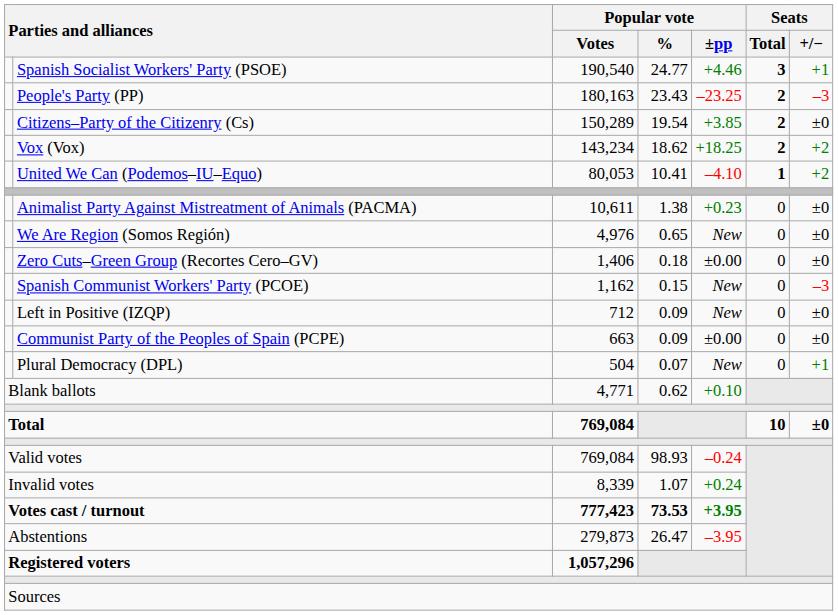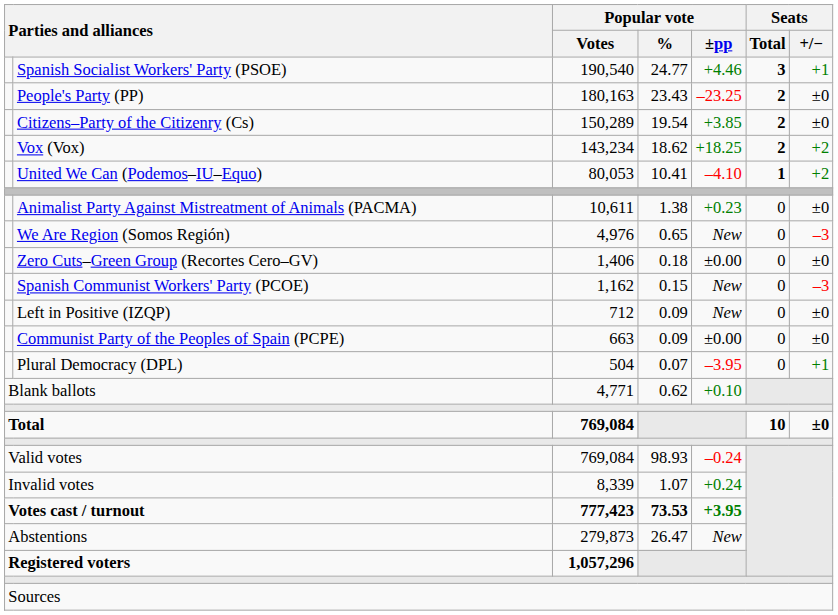 <table class="wikitable" style="text-align:right;">
 <tr>
 <th style="text-align:left;" rowspan="2" colspan="2" width="525">Parties and alliances</th>
 <th colspan="3">Popular vote</th>
 <th colspan="2">Seats</th>
 </tr>
 <tr>
 <th width="75">Votes</th>
 <th width="45">%</th>
 <th width="45">±<a href='#'>pp</a></th>
 <th width="35">Total</th>
 <th width="35">+/−</th>
 </tr>
 <tr>
 <td width="1" style="color:inherit;background:"></td>
 <td align="left"><a href='#'>Spanish Socialist Workers' Party</a> (PSOE)</td>
 <td>190,540</td>
 <td>24.77</td>
 <td style="color:green;">+4.46</td>
 <td><strong>3</strong></td>
 <td style="color:green;">+1</td>
 </tr>
 <tr>
 <td style="color:inherit;background:"></td>
 <td align="left"><a href='#'>People's Party</a> (PP)</td>
 <td>180,163</td>
 <td>23.43</td>
 <td style="color:red;">–23.25</td>
 <td><strong>2</strong></td>
-<td style="color:red;">–3</td>
+<td>±0</td>
 </tr>
 <tr>
 <td style="color:inherit;background:"></td>
 <td align="left"><a href='#'>Citizens–Party of the Citizenry</a> (Cs)</td>
 <td>150,289</td>
 <td>19.54</td>
 <td style="color:green;">+3.85</td>
 <td><strong>2</strong></td>
 <td>±0</td>
 </tr>
 <tr>
 <td style="color:inherit;background:"></td>
 <td align="left"><a href='#'>Vox</a> (Vox)</td>
 <td>143,234</td>
 <td>18.62</td>
 <td style="color:green;">+18.25</td>
 <td><strong>2</strong></td>
 <td style="color:green;">+2</td>
 </tr>
 <tr>
 <td style="color:inherit;background:"></td>
 <td align="left"><a href='#'>United We Can</a> (<a href='#'>Podemos</a>–<a href='#'>IU</a>–<a href='#'>Equo</a>)</td>
 <td>80,053</td>
 <td>10.41</td>
 <td style="color:red;">–4.10</td>
 <td><strong>1</strong></td>
 <td style="color:green;">+2</td>
 </tr>
 <tr>
 <td colspan="7" bgcolor="#C0C0C0"></td>
 </tr>
 <tr>
 <td style="color:inherit;background:"></td>
 <td align="left"><a href='#'>Animalist Party Against Mistreatment of Animals</a> (PACMA)</td>
 <td>10,611</td>
 <td>1.38</td>
 <td style="color:green;">+0.23</td>
 <td>0</td>
 <td>±0</td>
 </tr>
 <tr>
 <td style="color:inherit;background:"></td>
 <td align="left"><a href='#'>We Are Region</a> (Somos Región)</td>
 <td>4,976</td>
 <td>0.65</td>
 <td><em>New</em></td>
 <td>0</td>
-<td>±0</td>
+<td style="color:red;">–3</td>
 </tr>
 <tr>
 <td style="color:inherit;background:"></td>
 <td align="left"><a href='#'>Zero Cuts</a>–<a href='#'>Green Group</a> (Recortes Cero–GV)</td>
 <td>1,406</td>
 <td>0.18</td>
 <td>±0.00</td>
 <td>0</td>
 <td>±0</td>
 </tr>
 <tr>
 <td style="color:inherit;background:"></td>
 <td align="left"><a href='#'>Spanish Communist Workers' Party</a> (PCOE)</td>
 <td>1,162</td>
 <td>0.15</td>
 <td><em>New</em></td>
 <td>0</td>
 <td style="color:red;">–3</td>
 </tr>
 <tr>
 <td style="color:inherit;background:"></td>
 <td align="left">Left in Positive (IZQP)</td>
 <td>712</td>
 <td>0.09</td>
 <td><em>New</em></td>
 <td>0</td>
 <td>±0</td>
 </tr>
 <tr>
 <td style="color:inherit;background:"></td>
 <td align="left"><a href='#'>Communist Party of the Peoples of Spain</a> (PCPE)</td>
 <td>663</td>
 <td>0.09</td>
 <td>±0.00</td>
 <td>0</td>
 <td>±0</td>
 </tr>
 <tr>
 <td style="color:inherit;background:"></td>
 <td align="left">Plural Democracy (DPL)</td>
 <td>504</td>
 <td>0.07</td>
-<td><em>New</em></td>
+<td style="color:red;">–3.95</td>
 <td>0</td>
 <td style="color:green;">+1</td>
 </tr>
 <tr>
 <td align="left" colspan="2">Blank ballots</td>
 <td>4,771</td>
 <td>0.62</td>
 <td style="color:green;">+0.10</td>
 <td bgcolor="#E9E9E9" colspan="2"></td>
 </tr>
 <tr>
 <td colspan="7" bgcolor="#E9E9E9"></td>
 </tr>
 <tr style="font-weight:bold;">
 <td align="left" colspan="2">Total</td>
 <td>769,084</td>
 <td bgcolor="#E9E9E9" colspan="2"></td>
 <td>10</td>
 <td>±0</td>
 </tr>
 <tr>
 <td colspan="7" bgcolor="#E9E9E9"></td>
 </tr>
 <tr>
 <td align="left" colspan="2">Valid votes</td>
 <td>769,084</td>
 <td>98.93</td>
 <td style="color:red;">–0.24</td>
 <td bgcolor="#E9E9E9" colspan="2" rowspan="5"></td>
 </tr>
 <tr>
 <td align="left" colspan="2">Invalid votes</td>
 <td>8,339</td>
 <td>1.07</td>
 <td style="color:green;">+0.24</td>
 </tr>
 <tr style="font-weight:bold;">
 <td align="left" colspan="2">Votes cast / turnout</td>
 <td>777,423</td>
 <td>73.53</td>
 <td style="color:green;">+3.95</td>
 </tr>
 <tr>
 <td align="left" colspan="2">Abstentions</td>
 <td>279,873</td>
 <td>26.47</td>
-<td style="color:red;">–3.95</td>
+<td><em>New</em></td>
 </tr>
 <tr style="font-weight:bold;">
 <td align="left" colspan="2">Registered voters</td>
 <td>1,057,296</td>
 <td bgcolor="#E9E9E9" colspan="2"></td>
 </tr>
 <tr>
 <td colspan="7" bgcolor="#E9E9E9"></td>
 </tr>
 <tr>
 <td align="left" colspan="7">Sources</td>
 </tr>
 </table>
